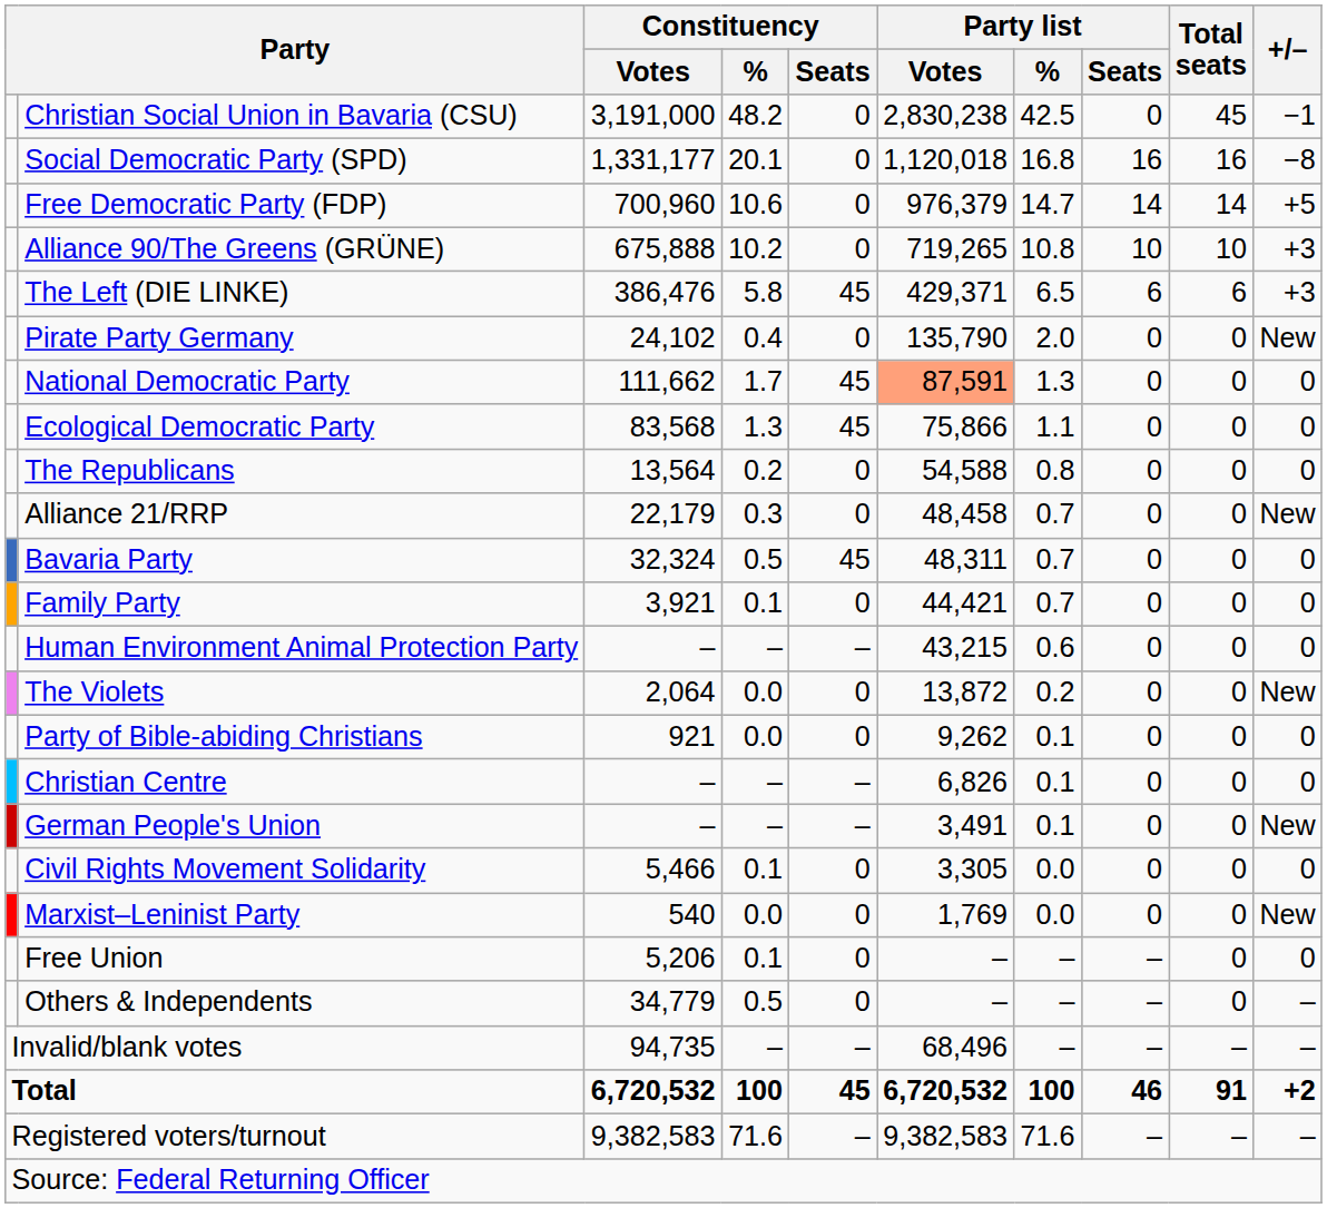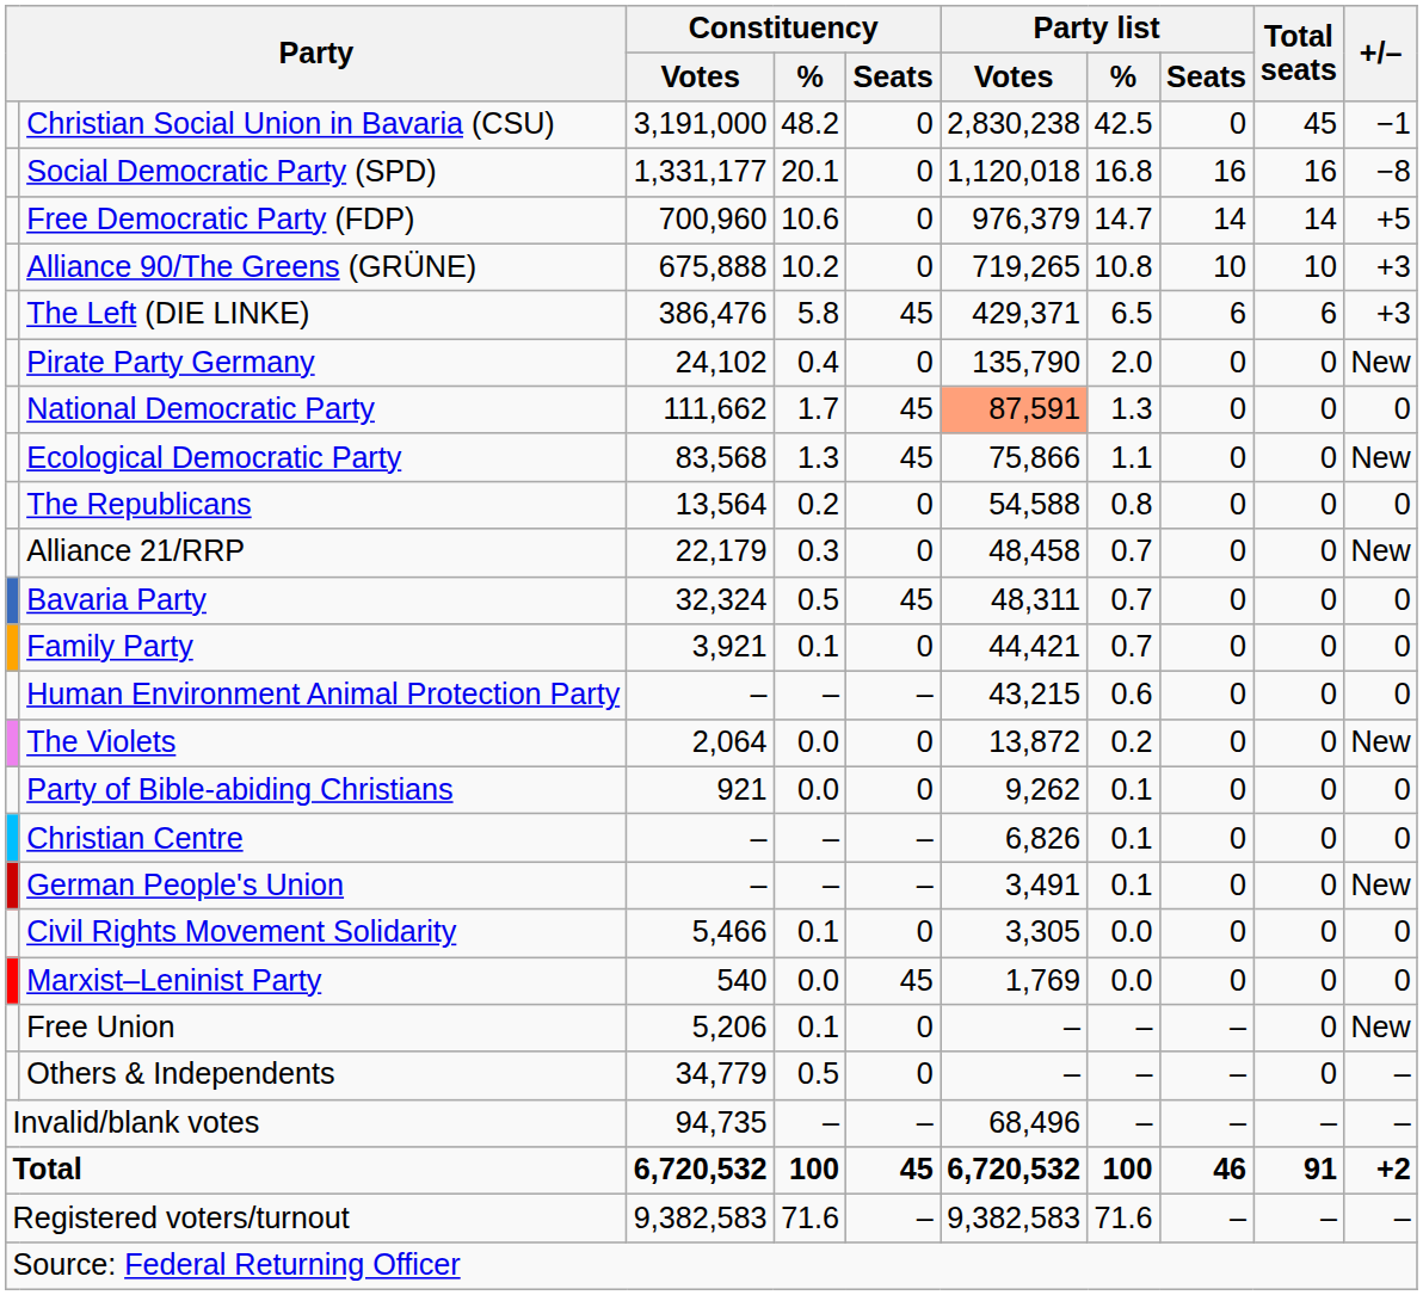 <table class="wikitable" style="text-align:right">
 <tr>
 <th colspan="2" rowspan="2">Party</th>
 <th colspan="3">Constituency</th>
 <th colspan="3">Party list</th>
 <th rowspan="2">Total<br>seats</th>
 <th rowspan="2">+/–</th>
 </tr>
 <tr>
 <th>Votes</th>
 <th>%</th>
 <th>Seats</th>
 <th>Votes</th>
 <th>%</th>
 <th>Seats</th>
 </tr>
 <tr>
 <td></td>
 <td align="left"><a href='#'>Christian Social Union in Bavaria</a> (CSU)</td>
 <td>3,191,000</td>
 <td>48.2</td>
 <td>0</td>
 <td>2,830,238</td>
 <td>42.5</td>
 <td>0</td>
 <td>45</td>
 <td>−1</td>
 </tr>
 <tr>
 <td></td>
 <td align="left"><a href='#'>Social Democratic Party</a> (SPD)</td>
 <td>1,331,177</td>
 <td>20.1</td>
 <td>0</td>
 <td>1,120,018</td>
 <td>16.8</td>
 <td>16</td>
 <td>16</td>
 <td>−8</td>
 </tr>
 <tr>
 <td></td>
 <td align="left"><a href='#'>Free Democratic Party</a> (FDP)</td>
 <td>700,960</td>
 <td>10.6</td>
 <td>0</td>
 <td>976,379</td>
 <td>14.7</td>
 <td>14</td>
 <td>14</td>
 <td>+5</td>
 </tr>
 <tr>
 <td></td>
 <td align="left"><a href='#'>Alliance 90/The Greens</a> (GRÜNE)</td>
 <td>675,888</td>
 <td>10.2</td>
 <td>0</td>
 <td>719,265</td>
 <td>10.8</td>
 <td>10</td>
 <td>10</td>
 <td>+3</td>
 </tr>
 <tr>
 <td></td>
 <td align="left"><a href='#'>The Left</a> (DIE LINKE)</td>
 <td>386,476</td>
 <td>5.8</td>
 <td>45</td>
 <td>429,371</td>
 <td>6.5</td>
 <td>6</td>
 <td>6</td>
 <td>+3</td>
 </tr>
 <tr>
 <td style="background-color:"></td>
 <td align="left"><a href='#'>Pirate Party Germany</a></td>
 <td>24,102</td>
 <td>0.4</td>
 <td>0</td>
 <td>135,790</td>
 <td>2.0</td>
 <td>0</td>
 <td>0</td>
 <td>New</td>
 </tr>
 <tr>
 <td style="background-color:"></td>
 <td align="left"><a href='#'>National Democratic Party</a></td>
 <td>111,662</td>
 <td>1.7</td>
 <td>45</td>
 <td style="background: lightsalmon;">87,591</td>
 <td>1.3</td>
 <td>0</td>
 <td>0</td>
 <td>0</td>
 </tr>
 <tr>
 <td style="background-color:"></td>
 <td align="left"><a href='#'>Ecological Democratic Party</a></td>
 <td>83,568</td>
 <td>1.3</td>
 <td>45</td>
 <td>75,866</td>
 <td>1.1</td>
 <td>0</td>
 <td>0</td>
-<td>0</td>
+<td>New</td>
 </tr>
 <tr>
 <td style="background-color:"></td>
 <td align="left"><a href='#'>The Republicans</a></td>
 <td>13,564</td>
 <td>0.2</td>
 <td>0</td>
 <td>54,588</td>
 <td>0.8</td>
 <td>0</td>
 <td>0</td>
 <td>0</td>
 </tr>
 <tr>
 <td></td>
 <td align="left">Alliance 21/RRP</td>
 <td>22,179</td>
 <td>0.3</td>
 <td>0</td>
 <td>48,458</td>
 <td>0.7</td>
 <td>0</td>
 <td>0</td>
 <td>New</td>
 </tr>
 <tr>
 <td style="background-color:#386ABC;"></td>
 <td align="left"><a href='#'>Bavaria Party</a></td>
 <td>32,324</td>
 <td>0.5</td>
 <td>45</td>
 <td>48,311</td>
 <td>0.7</td>
 <td>0</td>
 <td>0</td>
 <td>0</td>
 </tr>
 <tr>
 <td style="background-color:#FFA500"></td>
 <td align="left"><a href='#'>Family Party</a></td>
 <td>3,921</td>
 <td>0.1</td>
 <td>0</td>
 <td>44,421</td>
 <td>0.7</td>
 <td>0</td>
 <td>0</td>
 <td>0</td>
 </tr>
 <tr>
 <td style="background-color:"></td>
 <td align="left"><a href='#'>Human Environment Animal Protection Party</a></td>
 <td>–</td>
 <td>–</td>
 <td>–</td>
 <td>43,215</td>
 <td>0.6</td>
 <td>0</td>
 <td>0</td>
 <td>0</td>
 </tr>
 <tr>
 <td style="background-color:#EE82EE"></td>
 <td align="left"><a href='#'>The Violets</a></td>
 <td>2,064</td>
 <td>0.0</td>
 <td>0</td>
 <td>13,872</td>
 <td>0.2</td>
 <td>0</td>
 <td>0</td>
 <td>New</td>
 </tr>
 <tr>
 <td></td>
 <td align="left"><a href='#'>Party of Bible-abiding Christians</a></td>
 <td>921</td>
 <td>0.0</td>
 <td>0</td>
 <td>9,262</td>
 <td>0.1</td>
 <td>0</td>
 <td>0</td>
 <td>0</td>
 </tr>
 <tr>
 <td style="background-color:#00BFFF;"></td>
 <td align="left"><a href='#'>Christian Centre</a></td>
 <td>–</td>
 <td>–</td>
 <td>–</td>
 <td>6,826</td>
 <td>0.1</td>
 <td>0</td>
 <td>0</td>
 <td>0</td>
 </tr>
 <tr>
 <td style="background-color:#CC0000"></td>
 <td align="left"><a href='#'>German People's Union</a></td>
 <td>–</td>
 <td>–</td>
 <td>–</td>
 <td>3,491</td>
 <td>0.1</td>
 <td>0</td>
 <td>0</td>
 <td>New</td>
 </tr>
 <tr>
 <td></td>
 <td align="left"><a href='#'>Civil Rights Movement Solidarity</a></td>
 <td>5,466</td>
 <td>0.1</td>
 <td>0</td>
 <td>3,305</td>
 <td>0.0</td>
 <td>0</td>
 <td>0</td>
 <td>0</td>
 </tr>
 <tr>
 <td style="background-color:red"></td>
 <td align="left"><a href='#'>Marxist–Leninist Party</a></td>
 <td>540</td>
 <td>0.0</td>
-<td>0</td>
+<td>45</td>
 <td>1,769</td>
 <td>0.0</td>
 <td>0</td>
 <td>0</td>
-<td>New</td>
+<td>0</td>
 </tr>
 <tr>
 <td></td>
 <td align="left">Free Union</td>
 <td>5,206</td>
 <td>0.1</td>
 <td>0</td>
 <td>–</td>
 <td>–</td>
 <td>–</td>
 <td>0</td>
-<td>0</td>
+<td>New</td>
 </tr>
 <tr>
 <td></td>
 <td align="left">Others & Independents</td>
 <td>34,779</td>
 <td>0.5</td>
 <td>0</td>
 <td>–</td>
 <td>–</td>
 <td>–</td>
 <td>0</td>
 <td>–</td>
 </tr>
 <tr>
 <td colspan="2" align="left">Invalid/blank votes</td>
 <td>94,735</td>
 <td>–</td>
 <td>–</td>
 <td>68,496</td>
 <td>–</td>
 <td>–</td>
 <td>–</td>
 <td>–</td>
 </tr>
 <tr>
 <td colspan="2" align="left"><strong>Total</strong></td>
 <td><strong>6,720,532</strong></td>
 <td><strong>100</strong></td>
 <td><strong>45</strong></td>
 <td><strong>6,720,532</strong></td>
 <td><strong>100</strong></td>
 <td><strong>46</strong></td>
 <td><strong>91</strong></td>
 <td><strong>+2</strong></td>
 </tr>
 <tr>
 <td colspan="2" align="left">Registered voters/turnout</td>
 <td>9,382,583</td>
 <td>71.6</td>
 <td>–</td>
 <td>9,382,583</td>
 <td>71.6</td>
 <td>–</td>
 <td>–</td>
 <td>–</td>
 </tr>
 <tr>
 <td colspan="10" align="left">Source: <a href='#'>Federal Returning Officer</a></td>
 </tr>
 </table>
